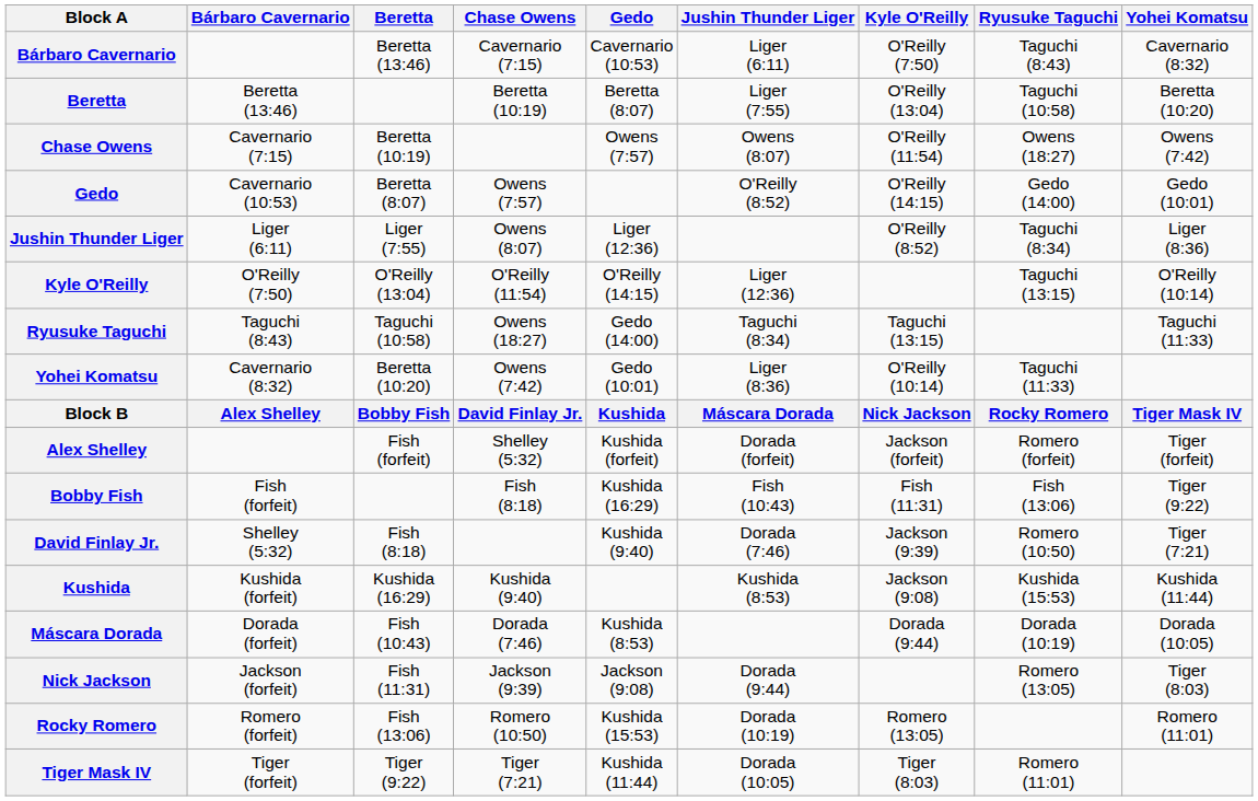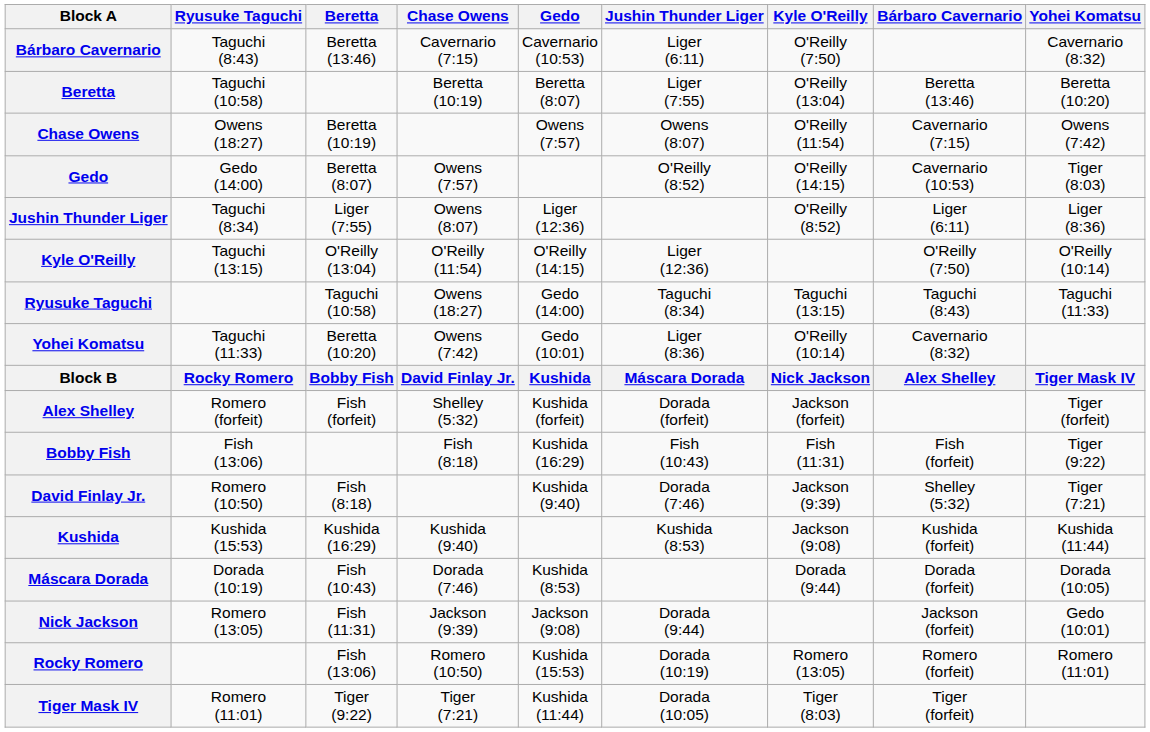 <table class="wikitable" style="margin: 1em auto 1em auto">
 <tr align="center">
 <th>Block A</th>
-<th><a href='#'>Bárbaro Cavernario</a></th>
+<th><a href='#'>Ryusuke Taguchi</a></th>
 <th><a href='#'>Beretta</a></th>
 <th><a href='#'>Chase Owens</a></th>
 <th><a href='#'>Gedo</a></th>
 <th><a href='#'>Jushin Thunder Liger</a></th>
 <th><a href='#'>Kyle O'Reilly</a></th>
-<th><a href='#'>Ryusuke Taguchi</a></th>
+<th><a href='#'>Bárbaro Cavernario</a></th>
 <th><a href='#'>Yohei Komatsu</a></th>
 </tr>
 <tr align="center">
 <th><a href='#'>Bárbaro Cavernario</a></th>
-<td></td>
+<td>Taguchi<br>(8:43)</td>
 <td>Beretta<br>(13:46)</td>
 <td>Cavernario<br>(7:15)</td>
 <td>Cavernario<br>(10:53)</td>
 <td>Liger<br>(6:11)</td>
 <td>O'Reilly<br>(7:50)</td>
-<td>Taguchi<br>(8:43)</td>
+<td></td>
 <td>Cavernario<br>(8:32)</td>
 </tr>
 <tr align="center">
 <th><a href='#'>Beretta</a></th>
-<td>Beretta<br>(13:46)</td>
+<td>Taguchi<br>(10:58)</td>
 <td></td>
 <td>Beretta<br>(10:19)</td>
 <td>Beretta<br>(8:07)</td>
 <td>Liger<br>(7:55)</td>
 <td>O'Reilly<br>(13:04)</td>
-<td>Taguchi<br>(10:58)</td>
+<td>Beretta<br>(13:46)</td>
 <td>Beretta<br>(10:20)</td>
 </tr>
 <tr align="center">
 <th><a href='#'>Chase Owens</a></th>
-<td>Cavernario<br>(7:15)</td>
+<td>Owens<br>(18:27)</td>
 <td>Beretta<br>(10:19)</td>
 <td></td>
 <td>Owens<br>(7:57)</td>
 <td>Owens<br>(8:07)</td>
 <td>O'Reilly<br>(11:54)</td>
-<td>Owens<br>(18:27)</td>
+<td>Cavernario<br>(7:15)</td>
 <td>Owens<br>(7:42)</td>
 </tr>
 <tr align="center">
 <th><a href='#'>Gedo</a></th>
-<td>Cavernario<br>(10:53)</td>
+<td>Gedo<br>(14:00)</td>
 <td>Beretta<br>(8:07)</td>
 <td>Owens<br>(7:57)</td>
 <td></td>
 <td>O'Reilly<br>(8:52)</td>
 <td>O'Reilly<br>(14:15)</td>
-<td>Gedo<br>(14:00)</td>
-<td>Gedo<br>(10:01)</td>
+<td>Cavernario<br>(10:53)</td>
+<td>Tiger<br>(8:03)</td>
 </tr>
 <tr align="center">
 <th><a href='#'>Jushin Thunder Liger</a></th>
-<td>Liger<br>(6:11)</td>
+<td>Taguchi<br>(8:34)</td>
 <td>Liger<br>(7:55)</td>
 <td>Owens<br>(8:07)</td>
 <td>Liger<br>(12:36)</td>
 <td></td>
 <td>O'Reilly<br>(8:52)</td>
-<td>Taguchi<br>(8:34)</td>
+<td>Liger<br>(6:11)</td>
 <td>Liger<br>(8:36)</td>
 </tr>
 <tr align="center">
 <th><a href='#'>Kyle O'Reilly</a></th>
-<td>O'Reilly<br>(7:50)</td>
+<td>Taguchi<br>(13:15)</td>
 <td>O'Reilly<br>(13:04)</td>
 <td>O'Reilly<br>(11:54)</td>
 <td>O'Reilly<br>(14:15)</td>
 <td>Liger<br>(12:36)</td>
 <td></td>
-<td>Taguchi<br>(13:15)</td>
+<td>O'Reilly<br>(7:50)</td>
 <td>O'Reilly<br>(10:14)</td>
 </tr>
 <tr align="center">
 <th><a href='#'>Ryusuke Taguchi</a></th>
-<td>Taguchi<br>(8:43)</td>
+<td></td>
 <td>Taguchi<br>(10:58)</td>
 <td>Owens<br>(18:27)</td>
 <td>Gedo<br>(14:00)</td>
 <td>Taguchi<br>(8:34)</td>
 <td>Taguchi<br>(13:15)</td>
-<td></td>
+<td>Taguchi<br>(8:43)</td>
 <td>Taguchi<br>(11:33)</td>
 </tr>
 <tr align="center">
 <th><a href='#'>Yohei Komatsu</a></th>
-<td>Cavernario<br>(8:32)</td>
+<td>Taguchi<br>(11:33)</td>
 <td>Beretta<br>(10:20)</td>
 <td>Owens<br>(7:42)</td>
 <td>Gedo<br>(10:01)</td>
 <td>Liger<br>(8:36)</td>
 <td>O'Reilly<br>(10:14)</td>
-<td>Taguchi<br>(11:33)</td>
+<td>Cavernario<br>(8:32)</td>
 <td></td>
 </tr>
 <tr align="center">
 <th>Block B</th>
-<th><a href='#'>Alex Shelley</a></th>
+<th><a href='#'>Rocky Romero</a></th>
 <th><a href='#'>Bobby Fish</a></th>
 <th><a href='#'>David Finlay Jr.</a></th>
 <th><a href='#'>Kushida</a></th>
 <th><a href='#'>Máscara Dorada</a></th>
 <th><a href='#'>Nick Jackson</a></th>
-<th><a href='#'>Rocky Romero</a></th>
+<th><a href='#'>Alex Shelley</a></th>
 <th><a href='#'>Tiger Mask IV</a></th>
 </tr>
 <tr align="center">
 <th><a href='#'>Alex Shelley</a></th>
-<td></td>
+<td>Romero<br>(forfeit)</td>
 <td>Fish<br>(forfeit)</td>
 <td>Shelley<br>(5:32)</td>
 <td>Kushida<br>(forfeit)</td>
 <td>Dorada<br>(forfeit)</td>
 <td>Jackson<br>(forfeit)</td>
-<td>Romero<br>(forfeit)</td>
+<td></td>
 <td>Tiger<br>(forfeit)</td>
 </tr>
 <tr align="center">
 <th><a href='#'>Bobby Fish</a></th>
-<td>Fish<br>(forfeit)</td>
+<td>Fish<br>(13:06)</td>
 <td></td>
 <td>Fish<br>(8:18)</td>
 <td>Kushida<br>(16:29)</td>
 <td>Fish<br>(10:43)</td>
 <td>Fish<br>(11:31)</td>
-<td>Fish<br>(13:06)</td>
+<td>Fish<br>(forfeit)</td>
 <td>Tiger<br>(9:22)</td>
 </tr>
 <tr align="center">
 <th><a href='#'>David Finlay Jr.</a></th>
-<td>Shelley<br>(5:32)</td>
+<td>Romero<br>(10:50)</td>
 <td>Fish<br>(8:18)</td>
 <td></td>
 <td>Kushida<br>(9:40)</td>
 <td>Dorada<br>(7:46)</td>
 <td>Jackson<br>(9:39)</td>
-<td>Romero<br>(10:50)</td>
+<td>Shelley<br>(5:32)</td>
 <td>Tiger<br>(7:21)</td>
 </tr>
 <tr align="center">
 <th><a href='#'>Kushida</a></th>
-<td>Kushida<br>(forfeit)</td>
+<td>Kushida<br>(15:53)</td>
 <td>Kushida<br>(16:29)</td>
 <td>Kushida<br>(9:40)</td>
 <td></td>
 <td>Kushida<br>(8:53)</td>
 <td>Jackson<br>(9:08)</td>
-<td>Kushida<br>(15:53)</td>
+<td>Kushida<br>(forfeit)</td>
 <td>Kushida<br>(11:44)</td>
 </tr>
 <tr align="center">
 <th><a href='#'>Máscara Dorada</a></th>
-<td>Dorada<br>(forfeit)</td>
+<td>Dorada<br>(10:19)</td>
 <td>Fish<br>(10:43)</td>
 <td>Dorada<br>(7:46)</td>
 <td>Kushida<br>(8:53)</td>
 <td></td>
 <td>Dorada<br>(9:44)</td>
-<td>Dorada<br>(10:19)</td>
+<td>Dorada<br>(forfeit)</td>
 <td>Dorada<br>(10:05)</td>
 </tr>
 <tr align="center">
 <th><a href='#'>Nick Jackson</a></th>
-<td>Jackson<br>(forfeit)</td>
+<td>Romero<br>(13:05)</td>
 <td>Fish<br>(11:31)</td>
 <td>Jackson<br>(9:39)</td>
 <td>Jackson<br>(9:08)</td>
 <td>Dorada<br>(9:44)</td>
 <td></td>
-<td>Romero<br>(13:05)</td>
-<td>Tiger<br>(8:03)</td>
+<td>Jackson<br>(forfeit)</td>
+<td>Gedo<br>(10:01)</td>
 </tr>
 <tr align="center">
 <th><a href='#'>Rocky Romero</a></th>
-<td>Romero<br>(forfeit)</td>
+<td></td>
 <td>Fish<br>(13:06)</td>
 <td>Romero<br>(10:50)</td>
 <td>Kushida<br>(15:53)</td>
 <td>Dorada<br>(10:19)</td>
 <td>Romero<br>(13:05)</td>
-<td></td>
+<td>Romero<br>(forfeit)</td>
 <td>Romero<br>(11:01)</td>
 </tr>
 <tr align="center">
 <th><a href='#'>Tiger Mask IV</a></th>
-<td>Tiger<br>(forfeit)</td>
+<td>Romero<br>(11:01)</td>
 <td>Tiger<br>(9:22)</td>
 <td>Tiger<br>(7:21)</td>
 <td>Kushida<br>(11:44)</td>
 <td>Dorada<br>(10:05)</td>
 <td>Tiger<br>(8:03)</td>
-<td>Romero<br>(11:01)</td>
+<td>Tiger<br>(forfeit)</td>
 <td></td>
 </tr>
 </table>
